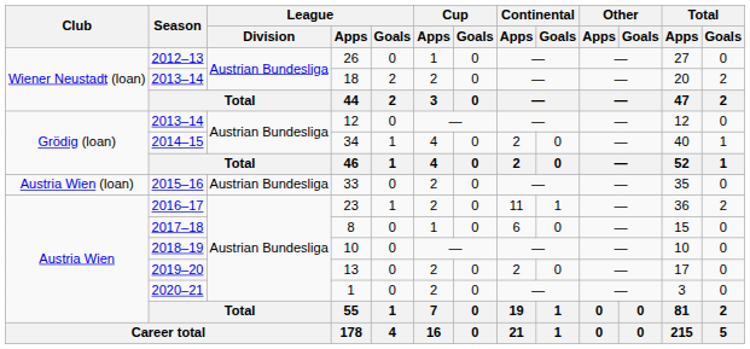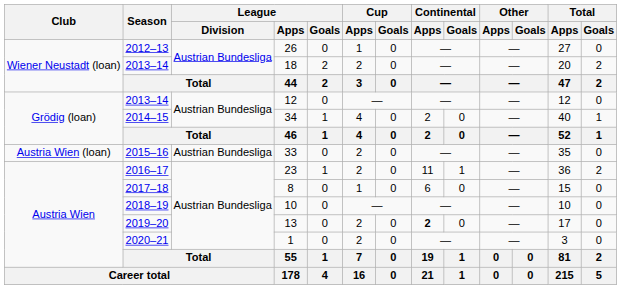 <table class="wikitable" style="text-align:center">
 <tr>
 <th rowspan="2">Club</th>
 <th rowspan="2">Season</th>
 <th colspan="3">League</th>
 <th colspan="2">Cup</th>
 <th colspan="2">Continental</th>
 <th colspan="2">Other</th>
 <th colspan="2">Total</th>
 </tr>
 <tr>
 <th>Division</th>
 <th>Apps</th>
 <th>Goals</th>
 <th>Apps</th>
 <th>Goals</th>
 <th>Apps</th>
 <th>Goals</th>
 <th>Apps</th>
 <th>Goals</th>
 <th>Apps</th>
 <th>Goals</th>
 </tr>
 <tr>
 <td rowspan="3"><a href='#'>Wiener Neustadt</a> (loan)</td>
 <td><a href='#'>2012–13</a></td>
 <td rowspan="2"><a href='#'>Austrian Bundesliga</a></td>
 <td>26</td>
 <td>0</td>
 <td>1</td>
 <td>0</td>
 <td colspan="2">—</td>
 <td colspan="2">—</td>
 <td>27</td>
 <td>0</td>
 </tr>
 <tr>
 <td><a href='#'>2013–14</a></td>
 <td>18</td>
 <td>2</td>
 <td>2</td>
 <td>0</td>
 <td colspan="2">—</td>
 <td colspan="2">—</td>
 <td>20</td>
 <td>2</td>
 </tr>
 <tr>
 <th colspan="2">Total</th>
 <th>44</th>
 <th>2</th>
 <th>3</th>
 <th>0</th>
 <th colspan="2">—</th>
 <th colspan="2">—</th>
 <th>47</th>
 <th>2</th>
 </tr>
 <tr>
 <td rowspan="3"><a href='#'>Grödig</a> (loan)</td>
 <td><a href='#'>2013–14</a></td>
 <td rowspan="2">Austrian Bundesliga</td>
 <td>12</td>
 <td>0</td>
 <td colspan="2">—</td>
 <td colspan="2">—</td>
 <td colspan="2">—</td>
 <td>12</td>
 <td>0</td>
 </tr>
 <tr>
 <td><a href='#'>2014–15</a></td>
 <td>34</td>
 <td>1</td>
 <td>4</td>
 <td>0</td>
 <td>2</td>
 <td>0</td>
 <td colspan="2">—</td>
 <td>40</td>
 <td>1</td>
 </tr>
 <tr>
 <th colspan="2">Total</th>
 <th>46</th>
 <th>1</th>
 <th>4</th>
 <th>0</th>
 <th>2</th>
 <th>0</th>
 <th colspan="2">—</th>
 <th>52</th>
 <th>1</th>
 </tr>
 <tr>
 <td><a href='#'>Austria Wien</a> (loan)</td>
 <td><a href='#'>2015–16</a></td>
 <td>Austrian Bundesliga</td>
 <td>33</td>
 <td>0</td>
 <td>2</td>
 <td>0</td>
 <td colspan="2">—</td>
 <td colspan="2">—</td>
 <td>35</td>
 <td>0</td>
 </tr>
 <tr>
 <td rowspan="6"><a href='#'>Austria Wien</a></td>
 <td><a href='#'>2016–17</a></td>
 <td rowspan="5">Austrian Bundesliga</td>
 <td>23</td>
 <td>1</td>
 <td>2</td>
 <td>0</td>
 <td>11</td>
 <td>1</td>
 <td colspan="2">—</td>
 <td>36</td>
 <td>2</td>
 </tr>
 <tr>
 <td><a href='#'>2017–18</a></td>
 <td>8</td>
 <td>0</td>
 <td>1</td>
 <td>0</td>
 <td>6</td>
 <td>0</td>
 <td colspan="2">—</td>
 <td>15</td>
 <td>0</td>
 </tr>
 <tr>
 <td><a href='#'>2018–19</a></td>
 <td>10</td>
 <td>0</td>
 <td colspan="2">—</td>
 <td colspan="2">—</td>
 <td colspan="2">—</td>
 <td>10</td>
 <td>0</td>
 </tr>
 <tr>
 <td><a href='#'>2019–20</a></td>
 <td>13</td>
 <td>0</td>
 <td>2</td>
 <td>0</td>
-<td>2</td>
+<td><strong>2</strong></td>
 <td>0</td>
 <td colspan="2">—</td>
 <td>17</td>
 <td>0</td>
 </tr>
 <tr>
 <td><a href='#'>2020–21</a></td>
 <td>1</td>
 <td>0</td>
 <td>2</td>
 <td>0</td>
 <td colspan="2">—</td>
 <td colspan="2">—</td>
 <td>3</td>
 <td>0</td>
 </tr>
 <tr>
 <th colspan="2">Total</th>
 <th>55</th>
 <th>1</th>
 <th>7</th>
 <th>0</th>
 <th>19</th>
 <th>1</th>
 <th>0</th>
 <th>0</th>
 <th>81</th>
 <th>2</th>
 </tr>
 <tr>
 <th colspan="3">Career total</th>
 <th>178</th>
 <th>4</th>
 <th>16</th>
 <th>0</th>
 <th>21</th>
 <th>1</th>
 <th>0</th>
 <th>0</th>
 <th>215</th>
 <th>5</th>
 </tr>
 </table>
